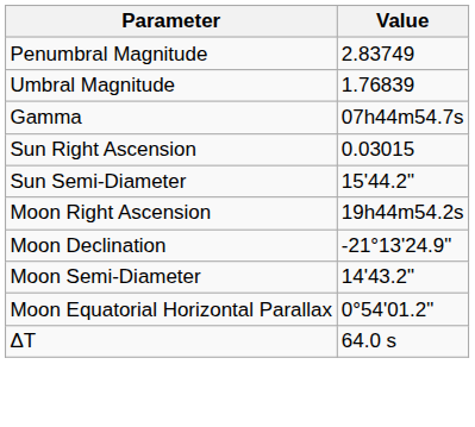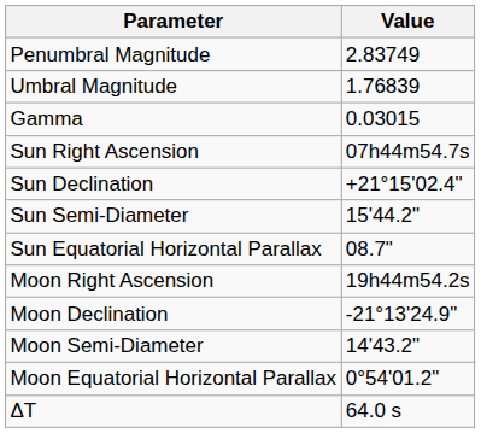 <table class="wikitable">
 <tr>
 <th>Parameter</th>
 <th>Value</th>
 </tr>
 <tr>
 <td>Penumbral Magnitude</td>
 <td>2.83749</td>
 </tr>
 <tr>
 <td>Umbral Magnitude</td>
 <td>1.76839</td>
 </tr>
 <tr>
 <td>Gamma</td>
+<td>0.03015</td>
+</tr>
+<tr>
+<td>Sun Right Ascension</td>
 <td>07h44m54.7s</td>
 </tr>
 <tr>
-<td>Sun Right Ascension</td>
-<td>0.03015</td>
+<td>Sun Declination</td>
+<td>+21°15'02.4"</td>
 </tr>
 <tr>
 <td>Sun Semi-Diameter</td>
 <td>15'44.2"</td>
+</tr>
+<tr>
+<td>Sun Equatorial Horizontal Parallax</td>
+<td>08.7"</td>
 </tr>
 <tr>
 <td>Moon Right Ascension</td>
 <td>19h44m54.2s</td>
 </tr>
 <tr>
 <td>Moon Declination</td>
 <td>-21°13'24.9"</td>
 </tr>
 <tr>
 <td>Moon Semi-Diameter</td>
 <td>14'43.2"</td>
 </tr>
 <tr>
 <td>Moon Equatorial Horizontal Parallax</td>
 <td>0°54'01.2"</td>
 </tr>
 <tr>
 <td>ΔT</td>
 <td>64.0 s</td>
 </tr>
 </table>
